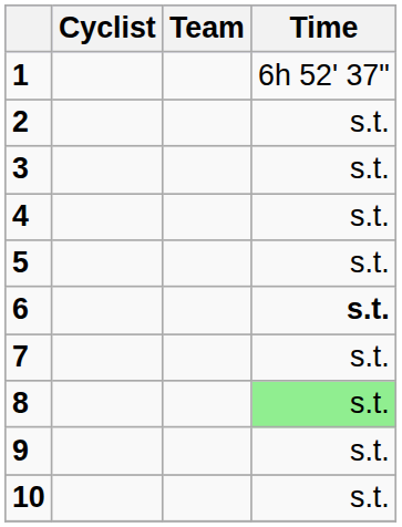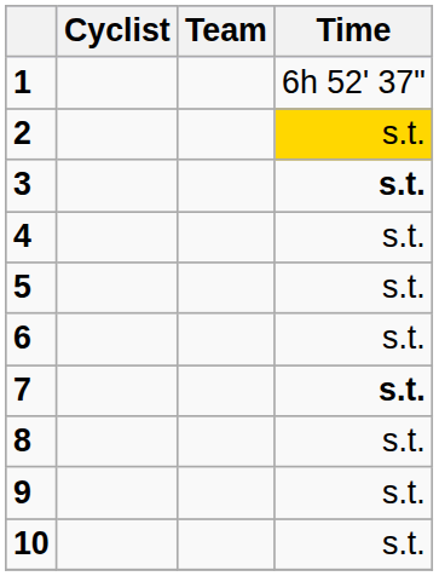 <table class="wikitable">
 <tr style="background:#ccccff;">
 <th></th>
 <th>Cyclist</th>
 <th>Team</th>
 <th>Time</th>
 </tr>
 <tr>
 <td><strong>1</strong></td>
 <td></td>
 <td></td>
 <td align=right>6h 52' 37"</td>
 </tr>
 <tr>
 <td><strong>2</strong></td>
 <td></td>
 <td></td>
-<td align=right>s.t.</td>
+<td align=right style="background: gold;">s.t.</td>
 </tr>
 <tr>
 <td><strong>3</strong></td>
 <td></td>
 <td></td>
-<td align=right>s.t.</td>
+<td align=right><strong>s.t.</strong></td>
 </tr>
 <tr>
 <td><strong>4</strong></td>
 <td></td>
 <td></td>
 <td align=right>s.t.</td>
 </tr>
 <tr>
 <td><strong>5</strong></td>
 <td></td>
 <td></td>
 <td align=right>s.t.</td>
 </tr>
 <tr>
 <td><strong>6</strong></td>
 <td></td>
 <td></td>
-<td align=right><strong>s.t.</strong></td>
+<td align=right>s.t.</td>
 </tr>
 <tr>
 <td><strong>7</strong></td>
 <td></td>
 <td></td>
-<td align=right>s.t.</td>
+<td align=right><strong>s.t.</strong></td>
 </tr>
 <tr>
 <td><strong>8</strong></td>
 <td></td>
 <td></td>
-<td align=right style="background: lightgreen;">s.t.</td>
+<td align=right>s.t.</td>
 </tr>
 <tr>
 <td><strong>9</strong></td>
 <td></td>
 <td></td>
 <td align=right>s.t.</td>
 </tr>
 <tr>
 <td><strong>10</strong></td>
 <td></td>
 <td></td>
 <td align=right>s.t.</td>
 </tr>
 <tr>
 </tr>
 </table>
